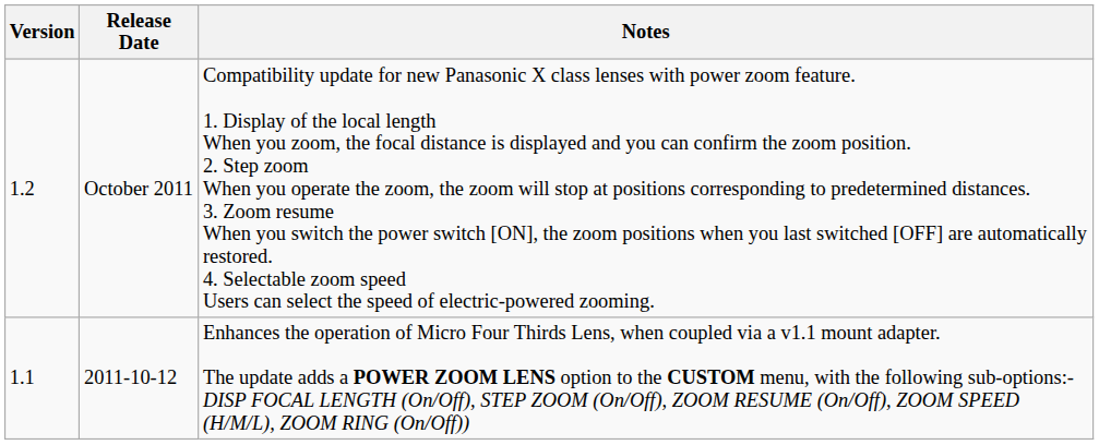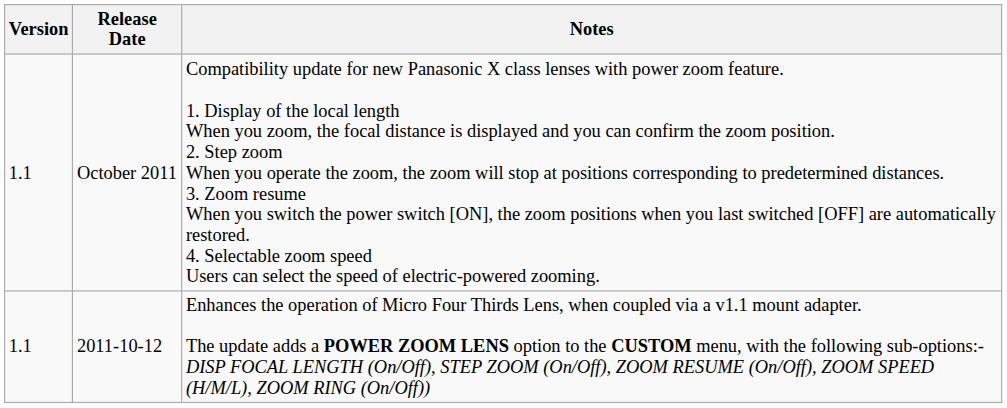 <table class="wikitable plainlinks">
 <tr>
 <th>Version</th>
 <th>Release Date</th>
 <th>Notes</th>
 </tr>
 <tr>
-<td>1.2</td>
+<td>1.1</td>
 <td>October 2011</td>
 <td>Compatibility update for new Panasonic X class lenses with power zoom feature.<br><br>1. Display of the local length<br> When you zoom, the focal distance is displayed and you can confirm the zoom position.<br> 2. Step zoom<br> When you operate the zoom, the zoom will stop at positions corresponding to predetermined distances.<br> 3. Zoom resume<br> When you switch the power switch [ON], the zoom positions when you last switched [OFF] are automatically restored.<br> 4. Selectable zoom speed<br> Users can select the speed of electric-powered zooming.</td>
 </tr>
 <tr>
 <td>1.1</td>
 <td>2011-10-12</td>
 <td>Enhances the operation of Micro Four Thirds Lens, when coupled via a v1.1 mount adapter.<br><br>The update adds a <strong>POWER ZOOM LENS</strong> option to the <strong>CUSTOM</strong> menu, with the following sub-options:-<br> <em>DISP FOCAL LENGTH (On/Off), STEP ZOOM (On/Off), ZOOM RESUME (On/Off), ZOOM SPEED (H/M/L), ZOOM RING (On/Off))</em></td>
 </tr>
 </table>
